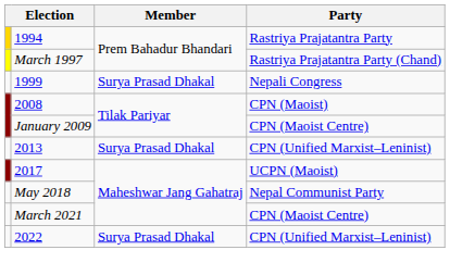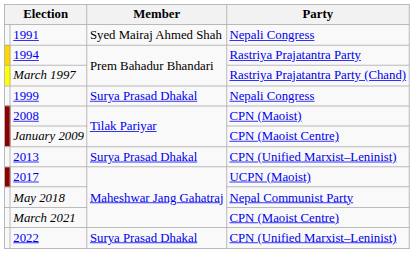 <table class="wikitable">
 <tr>
 <th colspan="2">Election</th>
 <th>Member</th>
 <th>Party</th>
+</tr>
+<tr>
+<td style="background-color:"></td>
+<td><a href='#'>1991</a></td>
+<td>Syed Mairaj Ahmed Shah</td>
+<td><a href='#'>Nepali Congress</a></td>
 </tr>
 <tr>
 <td style="background-color:gold"></td>
 <td><a href='#'>1994</a></td>
 <td rowspan="2">Prem Bahadur Bhandari</td>
 <td><a href='#'>Rastriya Prajatantra Party</a></td>
 </tr>
 <tr>
 <td style="background-color:yellow"></td>
 <td><em>March 1997</em></td>
 <td><a href='#'>Rastriya Prajatantra Party (Chand)</a></td>
 </tr>
 <tr>
 <td style="background-color:"></td>
 <td><a href='#'>1999</a></td>
 <td><a href='#'>Surya Prasad Dhakal</a></td>
 <td><a href='#'>Nepali Congress</a></td>
 </tr>
 <tr>
 <td rowspan="2" style="background-color:darkred"></td>
 <td><a href='#'>2008</a></td>
 <td rowspan="2"><a href='#'>Tilak Pariyar</a></td>
 <td><a href='#'>CPN (Maoist)</a></td>
 </tr>
 <tr>
 <td><em>January 2009</em></td>
 <td><a href='#'>CPN (Maoist Centre)</a></td>
 </tr>
 <tr>
 <td style="background-color:"></td>
 <td><a href='#'>2013</a></td>
 <td><a href='#'>Surya Prasad Dhakal</a></td>
 <td><a href='#'>CPN (Unified Marxist–Leninist)</a></td>
 </tr>
 <tr>
 <td style="background-color:darkred"></td>
 <td><a href='#'>2017</a></td>
 <td rowspan="3"><a href='#'>Maheshwar Jang Gahatraj</a></td>
 <td><a href='#'>UCPN (Maoist)</a></td>
 </tr>
 <tr>
 <td style="background-color:"></td>
 <td><em>May 2018</em></td>
 <td><a href='#'>Nepal Communist Party</a></td>
 </tr>
 <tr>
 <td></td>
 <td><em>March 2021</em></td>
 <td><a href='#'>CPN (Maoist Centre)</a></td>
 </tr>
 <tr>
 <td style="background-color:"></td>
 <td><a href='#'>2022</a></td>
 <td><a href='#'>Surya Prasad Dhakal</a></td>
 <td><a href='#'>CPN (Unified Marxist–Leninist)</a></td>
 </tr>
 </table>
